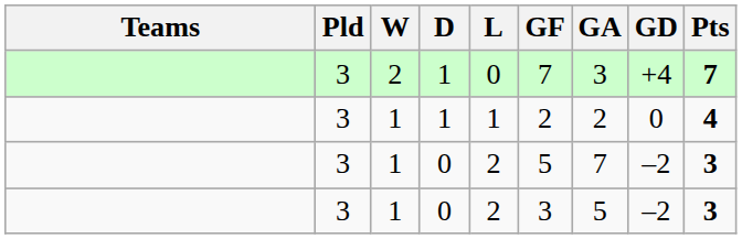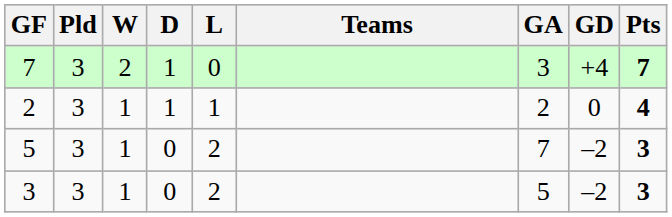 <table class="wikitable" style="text-align: center;">
 <tr>
-<th width=165>Teams</th>
+<th width=20>GF</th>
 <th width=20>Pld</th>
 <th width=20>W</th>
 <th width=20>D</th>
 <th width=20>L</th>
-<th width=20>GF</th>
+<th width=165>Teams</th>
 <th width=20>GA</th>
 <th width=20>GD</th>
 <th width=20>Pts</th>
 </tr>
 <tr align=center style="background:#ccffcc;">
-<td style="text-align:left;"></td>
+<td>7</td>
 <td>3</td>
 <td>2</td>
 <td>1</td>
 <td>0</td>
-<td>7</td>
+<td style="text-align:left;"></td>
 <td>3</td>
 <td>+4</td>
 <td><strong>7</strong></td>
 </tr>
 <tr align=center>
-<td style="text-align:left;"></td>
+<td>2</td>
 <td>3</td>
 <td>1</td>
 <td>1</td>
 <td>1</td>
-<td>2</td>
+<td style="text-align:left;"></td>
 <td>2</td>
 <td>0</td>
 <td><strong>4</strong></td>
 </tr>
 <tr align=center>
-<td style="text-align:left;"></td>
+<td>5</td>
 <td>3</td>
 <td>1</td>
 <td>0</td>
 <td>2</td>
-<td>5</td>
+<td style="text-align:left;"></td>
 <td>7</td>
 <td>–2</td>
 <td><strong>3</strong></td>
 </tr>
 <tr align=center>
-<td style="text-align:left;"></td>
+<td>3</td>
 <td>3</td>
 <td>1</td>
 <td>0</td>
 <td>2</td>
-<td>3</td>
+<td style="text-align:left;"></td>
 <td>5</td>
 <td>–2</td>
 <td><strong>3</strong></td>
 </tr>
 </table>
